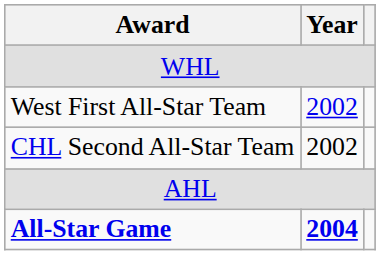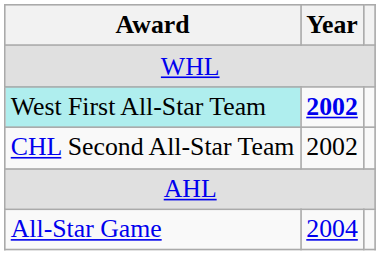 <table class="wikitable">
 <tr>
 <th>Award</th>
 <th>Year</th>
 <th></th>
 </tr>
 <tr ALIGN="center" bgcolor="#e0e0e0">
 <td colspan="3"><a href='#'>WHL</a></td>
 </tr>
 <tr>
-<td>West First All-Star Team</td>
-<td><a href='#'>2002</a></td>
+<td style="background: paleturquoise;">West First All-Star Team</td>
+<td><strong><a href='#'>2002</a></strong></td>
 <td></td>
 </tr>
 <tr>
 <td><a href='#'>CHL</a> Second All-Star Team</td>
 <td>2002</td>
 <td></td>
 </tr>
 <tr ALIGN="center" bgcolor="#e0e0e0">
 <td colspan="3"><a href='#'>AHL</a></td>
 </tr>
 <tr>
-<td><strong><a href='#'>All-Star Game</a></strong></td>
-<td><strong><a href='#'>2004</a></strong></td>
+<td><a href='#'>All-Star Game</a></td>
+<td><a href='#'>2004</a></td>
 <td></td>
 </tr>
 </table>
